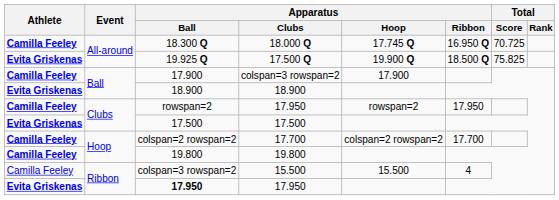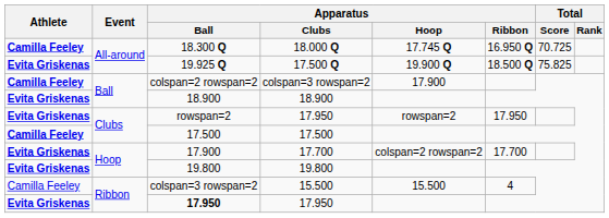 <table class=wikitable style=font-size:90%;text-align:center>
 <tr>
 <th rowspan=2>Athlete</th>
 <th rowspan=2>Event</th>
 <th colspan=4>Apparatus</th>
 <th colspan=2>Total</th>
 </tr>
 <tr style=font-size:95%>
 <th>Ball</th>
 <th>Clubs</th>
 <th>Hoop</th>
 <th>Ribbon</th>
 <th>Score</th>
 <th>Rank</th>
 </tr>
 <tr>
 <td align=left><strong><a href='#'>Camilla Feeley</a></strong></td>
 <td align=left rowspan=2><a href='#'>All-around</a></td>
 <td>18.300 <strong>Q</strong></td>
 <td>18.000 <strong>Q</strong></td>
 <td>17.745 <strong>Q</strong></td>
 <td>16.950 <strong>Q</strong></td>
 <td>70.725</td>
 <td></td>
 </tr>
 <tr>
 <td align=left><strong><a href='#'>Evita Griskenas</a></strong></td>
 <td>19.925 <strong>Q</strong></td>
 <td>17.500 <strong>Q</strong></td>
 <td>19.900 <strong>Q</strong></td>
 <td>18.500 <strong>Q</strong></td>
 <td>75.825</td>
 <td></td>
 </tr>
 <tr>
 <td align=left><strong><a href='#'>Camilla Feeley</a></strong></td>
 <td align=left rowspan=2><a href='#'>Ball</a></td>
-<td>17.900</td>
+<td>colspan=2 rowspan=2 </td>
 <td>colspan=3 rowspan=2 </td>
 <td>17.900</td>
 <td></td>
 </tr>
 <tr>
 <td align=left><strong><a href='#'>Evita Griskenas</a></strong></td>
 <td>18.900</td>
 <td>18.900</td>
 <td></td>
 </tr>
 <tr>
-<td align=left><strong><a href='#'>Camilla Feeley</a></strong></td>
+<td align=left><strong><a href='#'>Evita Griskenas</a></strong></td>
 <td align=left rowspan=2><a href='#'>Clubs</a></td>
 <td>rowspan=2 </td>
 <td>17.950</td>
 <td>rowspan=2 </td>
 <td>17.950</td>
 <td></td>
 </tr>
 <tr>
-<td align=left><strong><a href='#'>Evita Griskenas</a></strong></td>
+<td align=left><strong><a href='#'>Camilla Feeley</a></strong></td>
 <td>17.500</td>
 <td>17.500</td>
 <td></td>
 </tr>
 <tr>
-<td align=left><strong><a href='#'>Camilla Feeley</a></strong></td>
+<td align=left><strong><a href='#'>Evita Griskenas</a></strong></td>
 <td align=left rowspan=2><a href='#'>Hoop</a></td>
-<td>colspan=2 rowspan=2 </td>
+<td>17.900</td>
 <td>17.700</td>
 <td>colspan=2 rowspan=2 </td>
 <td>17.700</td>
 <td></td>
 </tr>
 <tr>
-<td align=left><strong><a href='#'>Camilla Feeley</a></strong></td>
+<td align=left><strong><a href='#'>Evita Griskenas</a></strong></td>
 <td>19.800</td>
 <td>19.800</td>
 <td></td>
 </tr>
 <tr>
 <td align=left><a href='#'>Camilla Feeley</a></td>
 <td align=left rowspan=2><a href='#'>Ribbon</a></td>
 <td>colspan=3 rowspan=2 </td>
 <td>15.500</td>
 <td>15.500</td>
 <td>4</td>
 </tr>
 <tr>
 <td align=left><strong><a href='#'>Evita Griskenas</a></strong></td>
 <td><strong>17.950</strong></td>
 <td>17.950</td>
 <td></td>
 </tr>
 </table>
